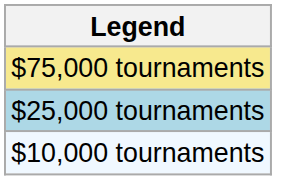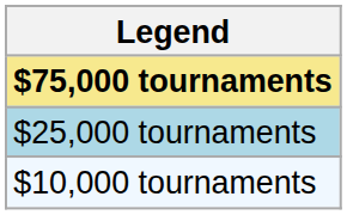 <table class="wikitable" style="font-size:85%">
 <tr>
 <th>Legend</th>
 </tr>
 <tr style="background:#f7e98e;">
-<td>$75,000  tournaments</td>
+<td><strong>$75,000  tournaments</strong></td>
 </tr>
 <tr style="background:lightblue;">
 <td>$25,000 tournaments</td>
 </tr>
 <tr style="background:#f0f8ff;">
 <td>$10,000 tournaments</td>
 </tr>
 </table>
